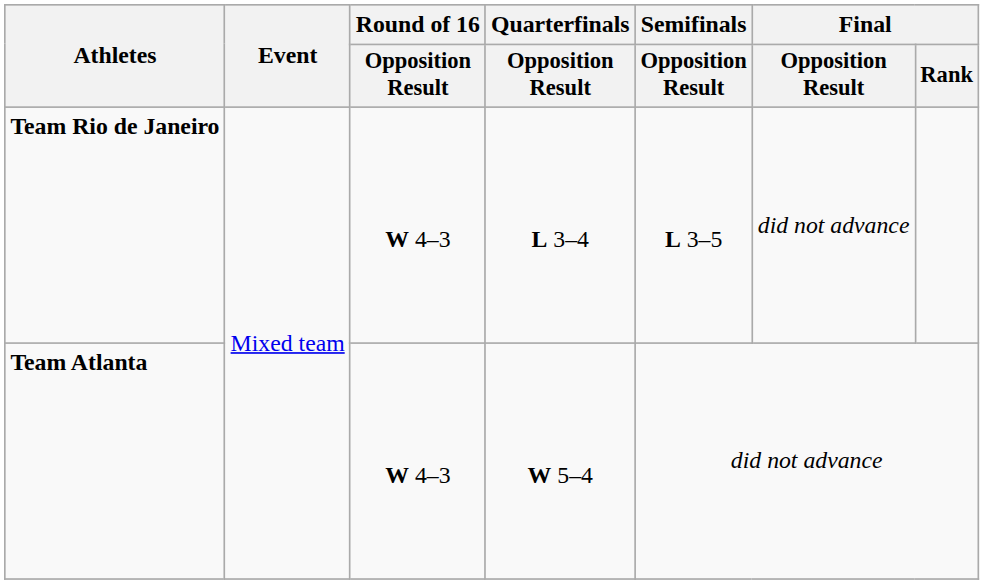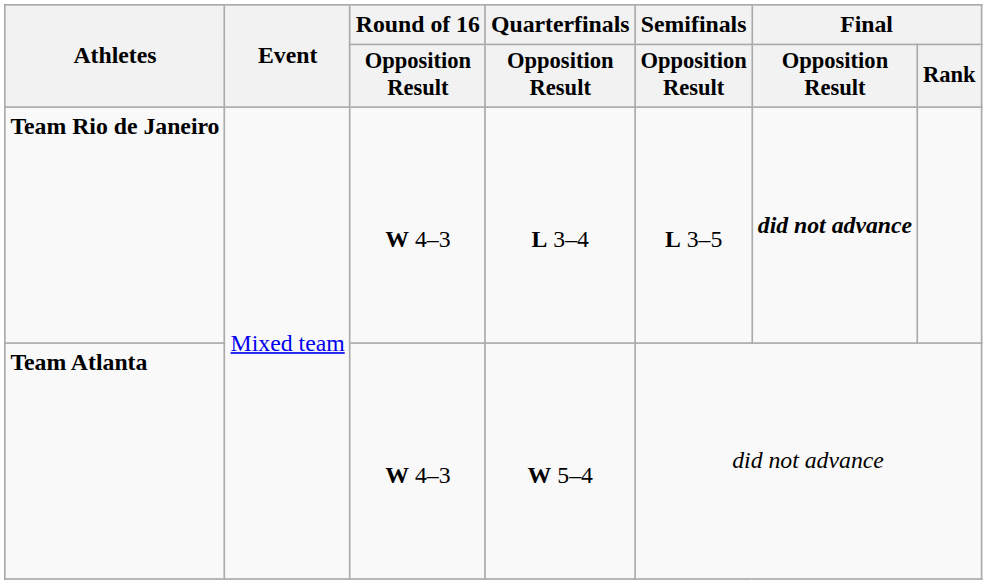 <table class="wikitable" style="text-align:center;font-size:90%">
 <tr>
 <th rowspan=2>Athletes</th>
 <th rowspan=2>Event</th>
 <th>Round of 16</th>
 <th>Quarterfinals</th>
 <th>Semifinals</th>
 <th colspan=2>Final</th>
 </tr>
 <tr style="font-size:95%">
 <th>Opposition<br>Result</th>
 <th>Opposition<br>Result</th>
 <th>Opposition<br>Result</th>
 <th>Opposition<br>Result</th>
 <th>Rank</th>
 </tr>
 <tr>
 <td align=left><strong>Team Rio de Janeiro</strong><br><br><br><br><br><br><br><br></td>
 <td rowspan=2 align=left><a href='#'>Mixed team</a></td>
 <td><br><strong>W</strong> 4–3</td>
 <td><br><strong>L</strong> 3–4</td>
 <td><br><strong>L</strong> 3–5</td>
-<td><em>did not advance</em></td>
+<td><strong><em>did not advance</em></strong></td>
 <td></td>
 </tr>
 <tr>
 <td align=left><strong>Team Atlanta</strong><br><br> <br><br><br><br><br><br></td>
 <td><br><strong>W</strong> 4–3</td>
 <td><br><strong>W</strong> 5–4</td>
 <td Colspan=3><em>did not advance</em></td>
 </tr>
 </table>
